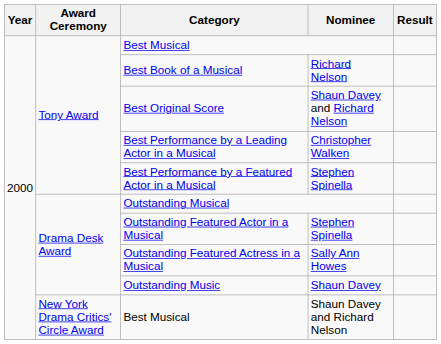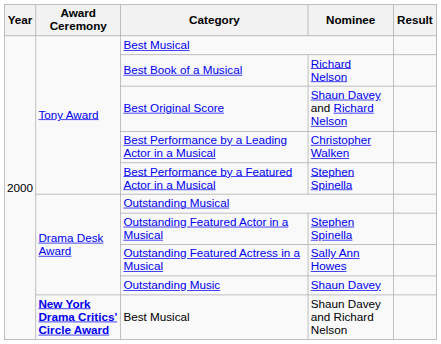 <table class="wikitable" width="95%">
 <tr>
 <th width="5%">Year</th>
 <th width="20%">Award Ceremony</th>
 <th width="45%">Category</th>
 <th width="20%">Nominee</th>
 <th width="10%">Result</th>
 </tr>
 <tr>
 <td rowspan="10" align="center">2000</td>
 <td rowspan="5"><a href='#'>Tony Award</a></td>
 <td colspan="2"><a href='#'>Best Musical</a></td>
 <td></td>
 </tr>
 <tr>
 <td><a href='#'>Best Book of a Musical</a></td>
 <td><a href='#'>Richard Nelson</a></td>
 <td></td>
 </tr>
 <tr>
 <td><a href='#'>Best Original Score</a></td>
 <td><a href='#'>Shaun Davey</a> and <a href='#'>Richard Nelson</a></td>
 <td></td>
 </tr>
 <tr>
 <td><a href='#'>Best Performance by a Leading Actor in a Musical</a></td>
 <td><a href='#'>Christopher Walken</a></td>
 <td></td>
 </tr>
 <tr>
 <td><a href='#'>Best Performance by a Featured Actor in a Musical</a></td>
 <td><a href='#'>Stephen Spinella</a></td>
 <td></td>
 </tr>
 <tr>
 <td rowspan="4"><a href='#'>Drama Desk Award</a></td>
 <td colspan="2"><a href='#'>Outstanding Musical</a></td>
 <td></td>
 </tr>
 <tr>
 <td><a href='#'>Outstanding Featured Actor in a Musical</a></td>
 <td><a href='#'>Stephen Spinella</a></td>
 <td></td>
 </tr>
 <tr>
 <td><a href='#'>Outstanding Featured Actress in a Musical</a></td>
 <td><a href='#'>Sally Ann Howes</a></td>
 <td></td>
 </tr>
 <tr>
 <td><a href='#'>Outstanding Music</a></td>
 <td><a href='#'>Shaun Davey</a></td>
 <td></td>
 </tr>
 <tr>
-<td><a href='#'>New York Drama Critics' Circle Award</a></td>
+<td><strong><a href='#'>New York Drama Critics' Circle Award</a></strong></td>
 <td>Best Musical</td>
 <td>Shaun Davey and Richard Nelson</td>
 <td></td>
 </tr>
 </table>
